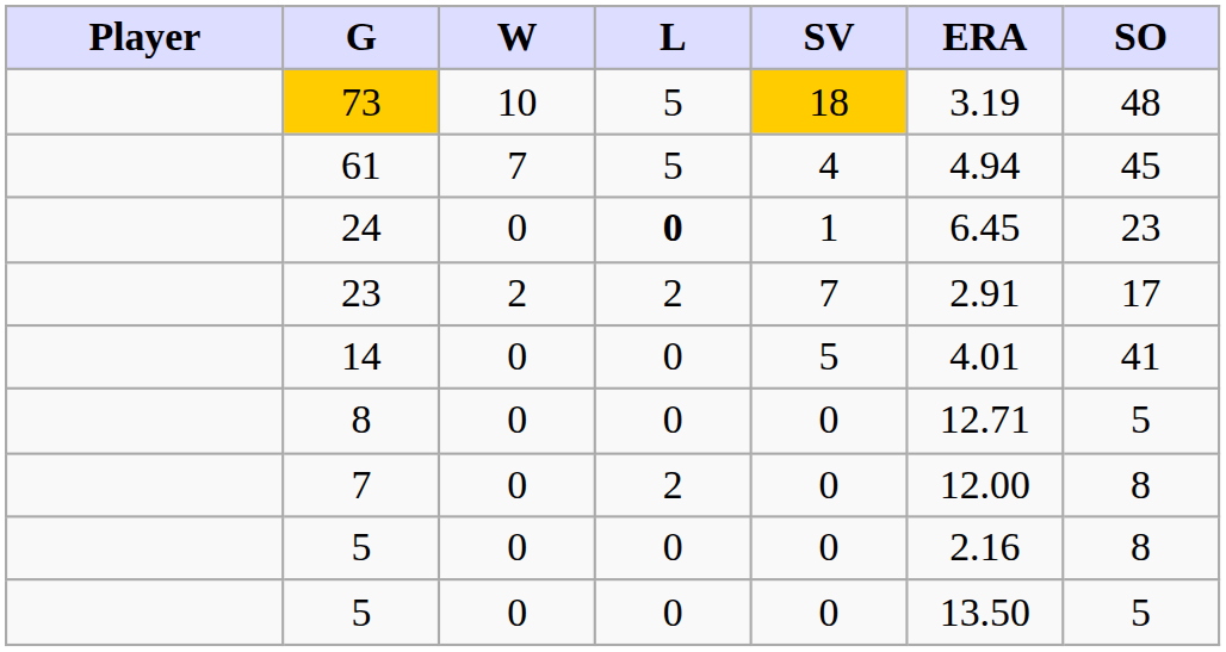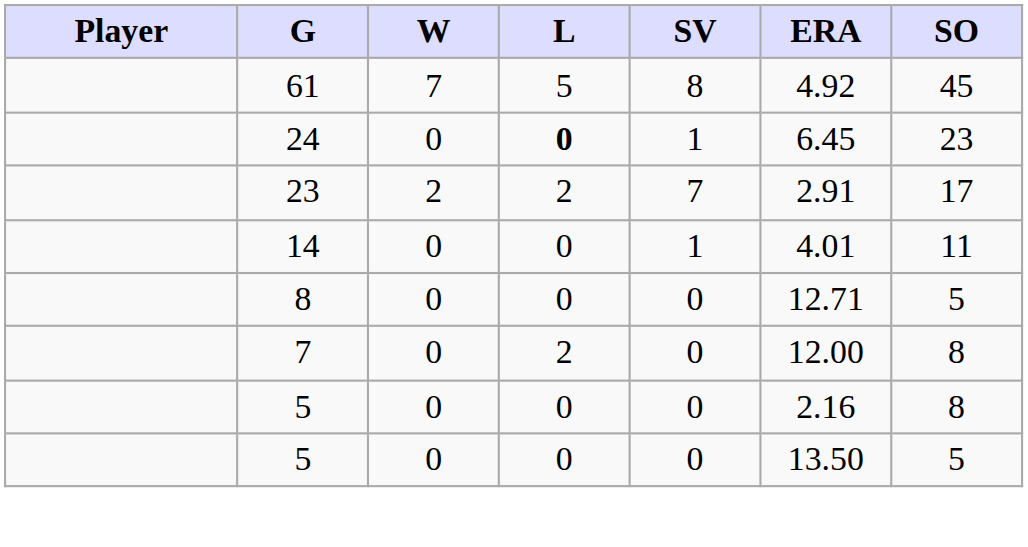 <table class="wikitable sortable">
 <tr>
 <th style="background:#ddf; width:16%;">Player</th>
 <th style="background:#ddf; width:9%;">G</th>
 <th style="background:#ddf; width:9%;">W</th>
 <th style="background:#ddf; width:9%;">L</th>
 <th style="background:#ddf; width:9%;">SV</th>
 <th style="background:#ddf; width:9%;">ERA</th>
 <th style="background:#ddf; width:9%;">SO</th>
 </tr>
 <tr style="text-align:center;">
 <td></td>
-<td style="background:#fc0;">73</td>
-<td>10</td>
-<td>5</td>
-<td style="background:#fc0;">18</td>
-<td>3.19</td>
-<td>48</td>
-</tr>
-<tr style="text-align:center;">
-<td></td>
 <td>61</td>
 <td>7</td>
 <td>5</td>
-<td>4</td>
-<td>4.94</td>
+<td>8</td>
+<td>4.92</td>
 <td>45</td>
 </tr>
 <tr style="text-align:center;">
 <td></td>
 <td>24</td>
 <td>0</td>
 <td><strong>0</strong></td>
 <td>1</td>
 <td>6.45</td>
 <td>23</td>
 </tr>
 <tr style="text-align:center;">
 <td></td>
 <td>23</td>
 <td>2</td>
 <td>2</td>
 <td>7</td>
 <td>2.91</td>
 <td>17</td>
 </tr>
 <tr style="text-align:center;">
 <td></td>
 <td>14</td>
 <td>0</td>
 <td>0</td>
-<td>5</td>
+<td>1</td>
 <td>4.01</td>
-<td>41</td>
+<td>11</td>
 </tr>
 <tr style="text-align:center;">
 <td></td>
 <td>8</td>
 <td>0</td>
 <td>0</td>
 <td>0</td>
 <td>12.71</td>
 <td>5</td>
 </tr>
 <tr style="text-align:center;">
 <td></td>
 <td>7</td>
 <td>0</td>
 <td>2</td>
 <td>0</td>
 <td>12.00</td>
 <td>8</td>
 </tr>
 <tr style="text-align:center;">
 <td></td>
 <td>5</td>
 <td>0</td>
 <td>0</td>
 <td>0</td>
 <td>2.16</td>
 <td>8</td>
 </tr>
 <tr style="text-align:center;">
 <td></td>
 <td>5</td>
 <td>0</td>
 <td>0</td>
 <td>0</td>
 <td>13.50</td>
 <td>5</td>
 </tr>
 </table>
